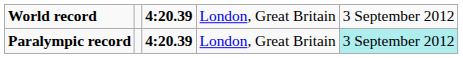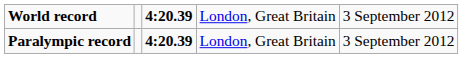 <table class="wikitable">
 <tr>
 <td><strong>World record</strong></td>
 <td></td>
 <td><strong>4:20.39</strong></td>
 <td><a href='#'>London</a>, Great Britain</td>
 <td>3 September 2012</td>
 </tr>
 <tr>
 <td><strong>Paralympic record</strong></td>
 <td></td>
 <td><strong>4:20.39</strong></td>
 <td><a href='#'>London</a>, Great Britain</td>
-<td style="background: paleturquoise;">3 September 2012</td>
+<td>3 September 2012</td>
 </tr>
 </table>
